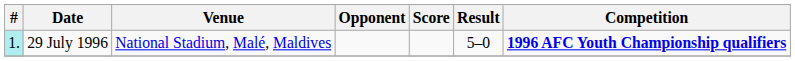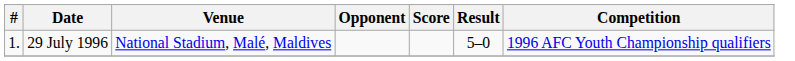 <table class="wikitable" style="font-size:95%">
 <tr>
 <th>#</th>
 <th>Date</th>
 <th>Venue</th>
 <th>Opponent</th>
 <th>Score</th>
 <th>Result</th>
 <th>Competition</th>
 </tr>
 <tr>
-<td style="background: paleturquoise;">1.</td>
+<td>1.</td>
 <td>29 July 1996</td>
 <td><a href='#'>National Stadium</a>, <a href='#'>Malé</a>, <a href='#'>Maldives</a></td>
 <td></td>
 <td style="text-align:center;"></td>
 <td style="text-align:center;">5–0</td>
-<td><strong><a href='#'>1996 AFC Youth Championship qualifiers</a></strong></td>
+<td><a href='#'>1996 AFC Youth Championship qualifiers</a></td>
 </tr>
 <tr>
 </tr>
 </table>
